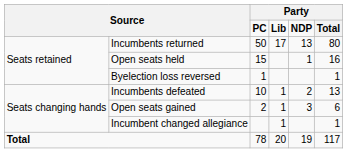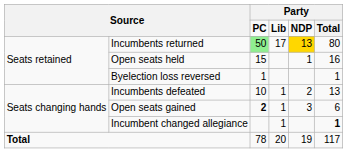 <table class="wikitable" style="text-align:right;">
 <tr>
 <th colspan="2" rowspan="2">Source</th>
 <th colspan="4">Party</th>
 </tr>
 <tr>
 <td><strong>PC</strong></td>
 <td><strong>Lib</strong></td>
 <td><strong>NDP</strong></td>
 <th>Total</th>
 </tr>
 <tr>
 <td rowspan="3" style="text-align:left;">Seats retained</td>
 <td style="text-align:left;">Incumbents returned</td>
-<td>50</td>
+<td style="background: lightgreen;">50</td>
 <td>17</td>
-<td>13</td>
+<td style="background: gold;">13</td>
 <td>80</td>
 </tr>
 <tr>
 <td style="text-align:left;">Open seats held</td>
 <td>15</td>
 <td></td>
 <td>1</td>
 <td>16</td>
 </tr>
 <tr>
 <td style="text-align:left;">Byelection loss reversed</td>
 <td>1</td>
 <td></td>
 <td></td>
 <td>1</td>
 </tr>
 <tr>
 <td rowspan="3" style="text-align:left;">Seats changing hands</td>
 <td style="text-align:left;">Incumbents defeated</td>
 <td>10</td>
 <td>1</td>
 <td>2</td>
 <td>13</td>
 </tr>
 <tr>
 <td style="text-align:left;">Open seats gained</td>
-<td>2</td>
+<td><strong>2</strong></td>
 <td>1</td>
 <td>3</td>
 <td>6</td>
 </tr>
 <tr>
 <td style="text-align:left;">Incumbent changed allegiance</td>
 <td></td>
 <td>1</td>
 <td></td>
-<td>1</td>
+<td><strong>1</strong></td>
 </tr>
 <tr>
 <td colspan="2" style="text-align:left;"><strong>Total</strong></td>
 <td>78</td>
 <td>20</td>
 <td>19</td>
 <td>117</td>
 </tr>
 </table>
